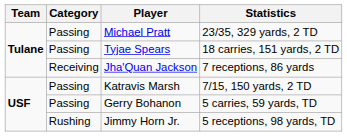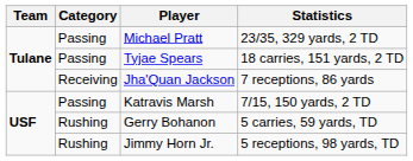 <table class="wikitable" style="float: right;">
 <tr>
 <th>Team</th>
 <th>Category</th>
 <th>Player</th>
 <th>Statistics</th>
 </tr>
 <tr>
 <td rowspan=3><strong>Tulane</strong></td>
 <td>Passing</td>
 <td><a href='#'>Michael Pratt</a></td>
 <td>23/35, 329 yards, 2 TD</td>
 </tr>
 <tr>
 <td>Passing</td>
 <td><a href='#'>Tyjae Spears</a></td>
 <td>18 carries, 151 yards, 2 TD</td>
 </tr>
 <tr>
 <td>Receiving</td>
 <td><a href='#'>Jha'Quan Jackson</a></td>
 <td>7 receptions, 86 yards</td>
 </tr>
 <tr>
 <td rowspan=3><strong>USF</strong></td>
 <td>Passing</td>
 <td>Katravis Marsh</td>
 <td>7/15, 150 yards, 2 TD</td>
 </tr>
 <tr>
-<td>Passing</td>
+<td>Rushing</td>
 <td>Gerry Bohanon</td>
 <td>5 carries, 59 yards, TD</td>
 </tr>
 <tr>
 <td>Rushing</td>
 <td>Jimmy Horn Jr.</td>
 <td>5 receptions, 98 yards, TD</td>
 </tr>
 </table>
